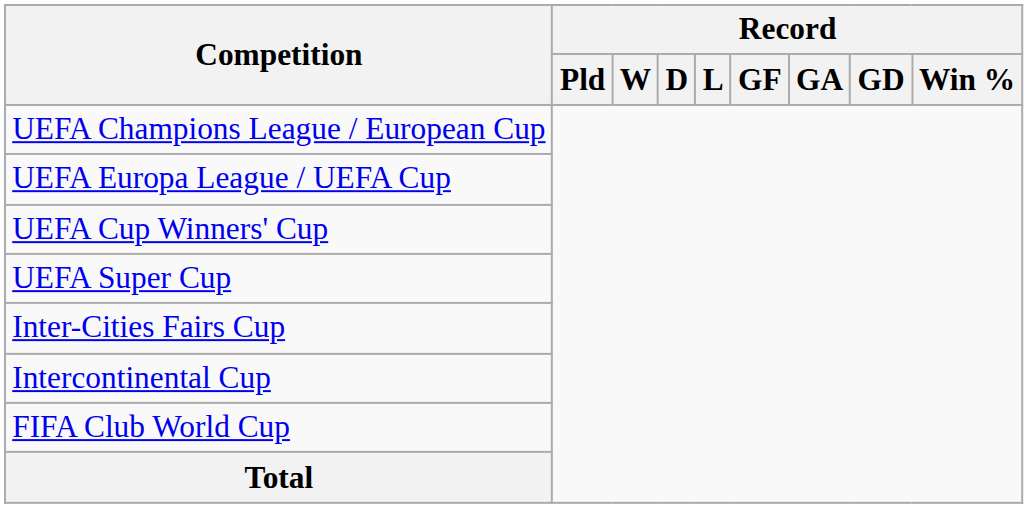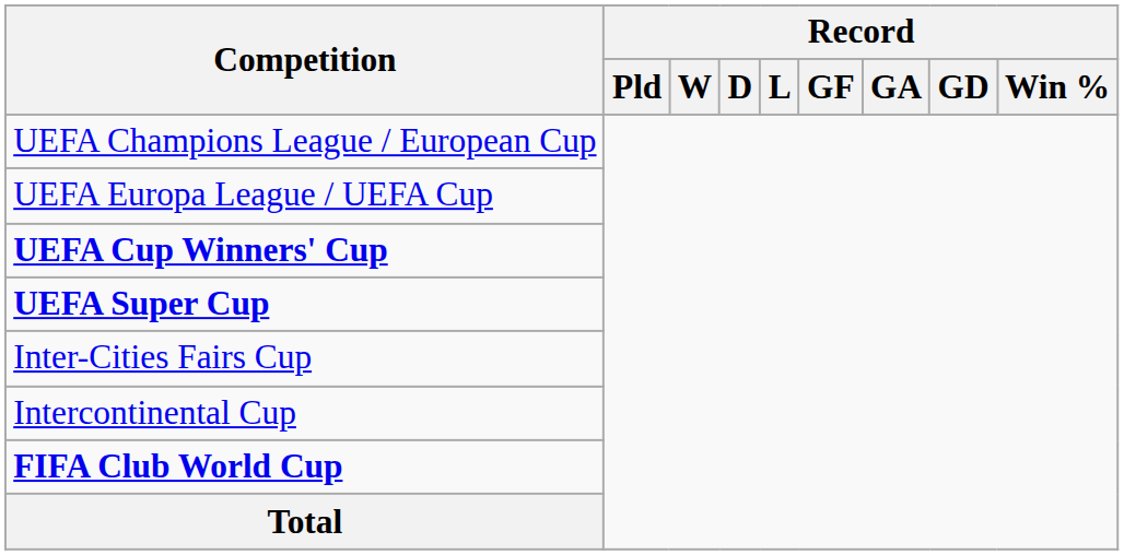 <table class="wikitable" style="text-align: center">
 <tr>
 <th rowspan="2">Competition</th>
 <th colspan="8">Record</th>
 </tr>
 <tr>
 <th>Pld</th>
 <th>W</th>
 <th>D</th>
 <th>L</th>
 <th>GF</th>
 <th>GA</th>
 <th>GD</th>
 <th>Win %</th>
 </tr>
 <tr>
 <td align=left><a href='#'>UEFA Champions League / European Cup</a><br></td>
 </tr>
 <tr>
 <td align=left><a href='#'>UEFA Europa League / UEFA Cup</a><br></td>
 </tr>
 <tr>
-<td align=left><a href='#'>UEFA Cup Winners' Cup</a><br></td>
+<td align=left><strong><a href='#'>UEFA Cup Winners' Cup</a><br></strong></td>
 </tr>
 <tr>
-<td align=left><a href='#'>UEFA Super Cup</a><br></td>
+<td align=left><strong><a href='#'>UEFA Super Cup</a><br></strong></td>
 </tr>
 <tr>
 <td align=left><a href='#'>Inter-Cities Fairs Cup</a><br></td>
 </tr>
 <tr>
 <td align=left><a href='#'>Intercontinental Cup</a><br></td>
 </tr>
 <tr>
-<td align=left><a href='#'>FIFA Club World Cup</a><br></td>
+<td align=left><strong><a href='#'>FIFA Club World Cup</a><br></strong></td>
 </tr>
 <tr>
 <th>Total<br></th>
 </tr>
 </table>
